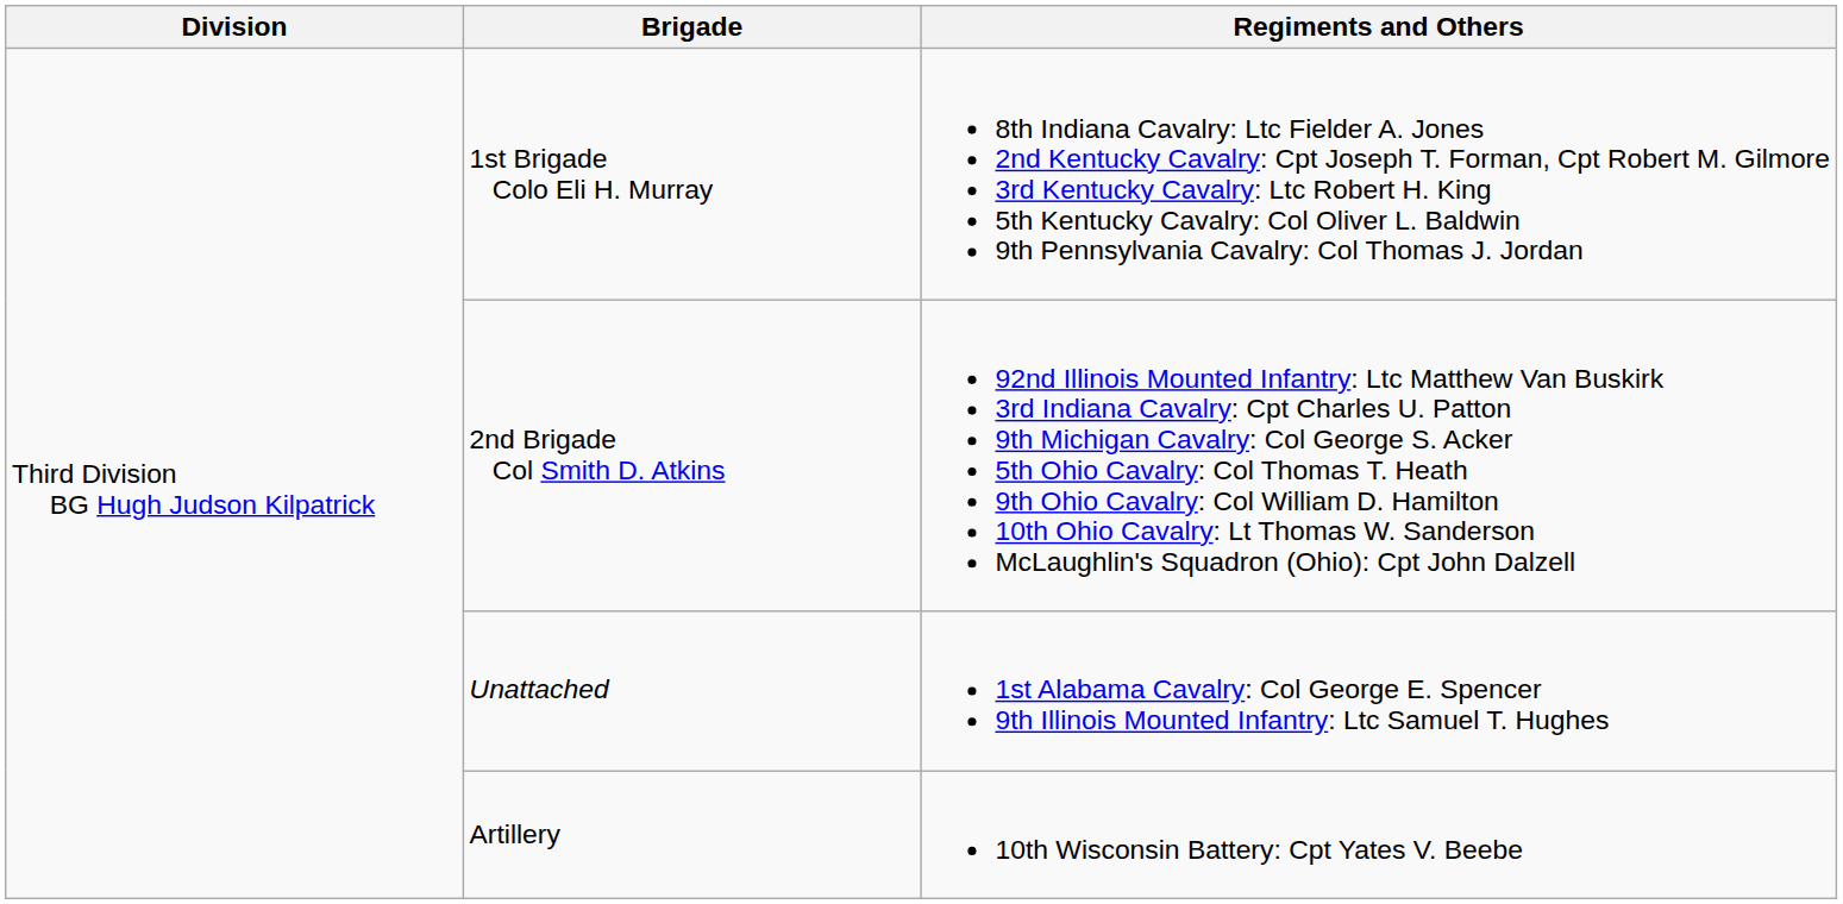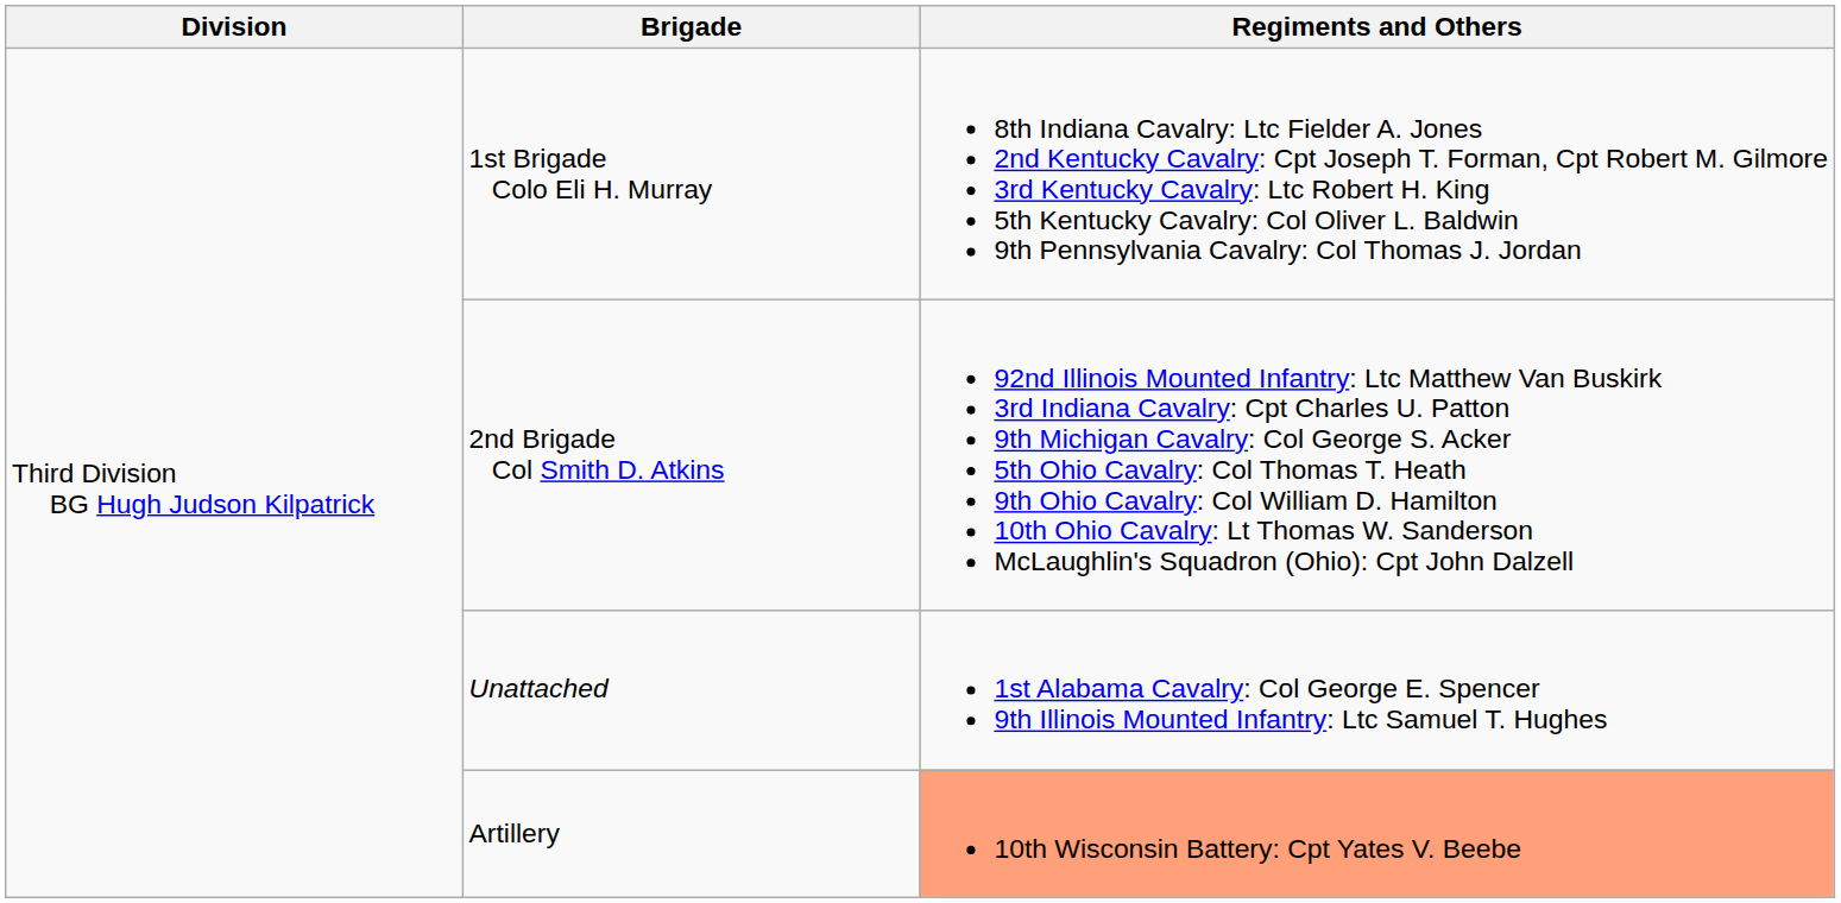 <table class="wikitable">
 <tr>
 <th width=25%>Division</th>
 <th width=25%>Brigade</th>
 <th>Regiments and Others</th>
 </tr>
 <tr>
 <td rowspan=4><br>Third Division <br>     BG <a href='#'>Hugh Judson Kilpatrick</a></td>
 <td>1st Brigade<br>   Colo Eli H. Murray</td>
 <td><br><ul><li>8th Indiana Cavalry: Ltc Fielder A. Jones</li><li><a href='#'>2nd Kentucky Cavalry</a>: Cpt Joseph T. Forman, Cpt Robert M. Gilmore</li><li><a href='#'>3rd Kentucky Cavalry</a>: Ltc Robert H. King</li><li>5th Kentucky Cavalry: Col Oliver L. Baldwin</li><li>9th Pennsylvania Cavalry: Col Thomas J. Jordan</li></ul></td>
 </tr>
 <tr>
 <td>2nd Brigade<br>   Col <a href='#'>Smith D. Atkins</a></td>
 <td><br><ul><li><a href='#'>92nd Illinois Mounted Infantry</a>: Ltc Matthew Van Buskirk</li><li><a href='#'>3rd Indiana Cavalry</a>: Cpt Charles U. Patton</li><li><a href='#'>9th Michigan Cavalry</a>: Col George S. Acker</li><li><a href='#'>5th Ohio Cavalry</a>: Col Thomas T. Heath</li><li><a href='#'>9th Ohio Cavalry</a>: Col William D. Hamilton</li><li><a href='#'>10th Ohio Cavalry</a>: Lt Thomas W. Sanderson</li><li>McLaughlin's Squadron (Ohio): Cpt John Dalzell</li></ul></td>
 </tr>
 <tr>
 <td><em>Unattached</em></td>
 <td><br><ul><li><a href='#'>1st Alabama Cavalry</a>: Col George E. Spencer</li><li><a href='#'>9th Illinois Mounted Infantry</a>: Ltc Samuel T. Hughes</li></ul></td>
 </tr>
 <tr>
 <td>Artillery</td>
-<td><br><ul><li>10th Wisconsin Battery: Cpt Yates V. Beebe</li></ul></td>
+<td style="background: lightsalmon;"><br><ul><li>10th Wisconsin Battery: Cpt Yates V. Beebe</li></ul></td>
 </tr>
 <tr>
 </tr>
 </table>
